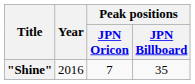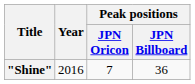 <table class="wikitable plainrowheaders" style="text-align:center;">
 <tr>
 <th scope="col" rowspan="2">Title</th>
 <th scope="col" rowspan="2">Year</th>
 <th scope="col" colspan="2">Peak positions</th>
 </tr>
 <tr>
 <th scope="col" style="width:50px"><a href='#'>JPN<br>Oricon</a></th>
 <th scope="col" style="width:50px"><a href='#'>JPN<br>Billboard</a></th>
 </tr>
 <tr>
 <th scope="row">"Shine"</th>
 <td>2016</td>
 <td>7</td>
-<td>35</td>
+<td>36</td>
 </tr>
 </table>
